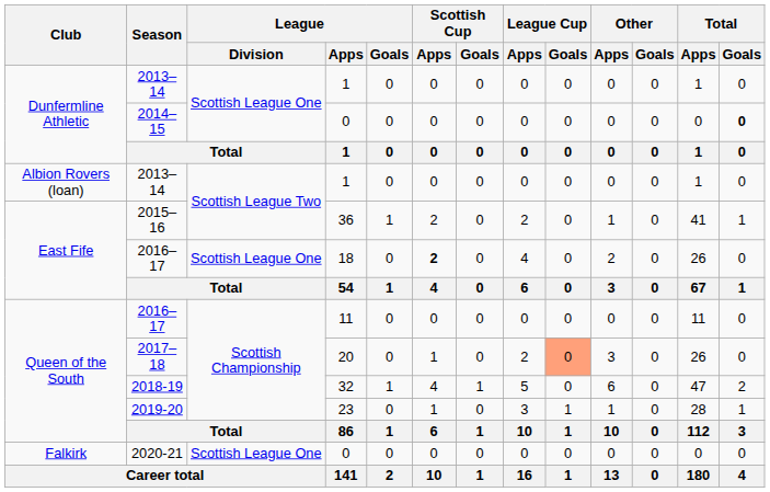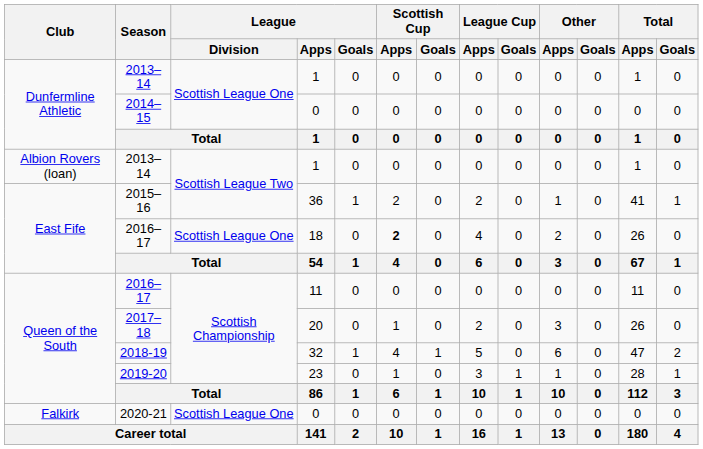 <table class="wikitable" style="text-align: center;">
 <tr>
 <th rowspan="2">Club</th>
 <th rowspan="2">Season</th>
 <th colspan="3">League</th>
 <th colspan="2">Scottish Cup</th>
 <th colspan="2">League Cup</th>
 <th colspan="2">Other</th>
 <th colspan="2">Total</th>
 </tr>
 <tr>
 <th>Division</th>
 <th>Apps</th>
 <th>Goals</th>
 <th>Apps</th>
 <th>Goals</th>
 <th>Apps</th>
 <th>Goals</th>
 <th>Apps</th>
 <th>Goals</th>
 <th>Apps</th>
 <th>Goals</th>
 </tr>
 <tr>
 <td rowspan="3"><a href='#'>Dunfermline Athletic</a></td>
 <td><a href='#'>2013–14</a></td>
 <td rowspan="2"><a href='#'>Scottish League One</a></td>
 <td>1</td>
 <td>0</td>
 <td>0</td>
 <td>0</td>
 <td>0</td>
 <td>0</td>
 <td>0</td>
 <td>0</td>
 <td>1</td>
 <td>0</td>
 </tr>
 <tr>
 <td><a href='#'>2014–15</a></td>
 <td>0</td>
 <td>0</td>
 <td>0</td>
 <td>0</td>
 <td>0</td>
 <td>0</td>
 <td>0</td>
 <td>0</td>
 <td>0</td>
-<td><strong>0</strong></td>
+<td>0</td>
 </tr>
 <tr>
 <th colspan="2">Total</th>
 <th>1</th>
 <th>0</th>
 <th>0</th>
 <th>0</th>
 <th>0</th>
 <th>0</th>
 <th>0</th>
 <th>0</th>
 <th>1</th>
 <th>0</th>
 </tr>
 <tr>
 <td><a href='#'>Albion Rovers</a> (loan)</td>
 <td>2013–14</td>
 <td rowspan="2"><a href='#'>Scottish League Two</a></td>
 <td>1</td>
 <td>0</td>
 <td>0</td>
 <td>0</td>
 <td>0</td>
 <td>0</td>
 <td>0</td>
 <td>0</td>
 <td>1</td>
 <td>0</td>
 </tr>
 <tr>
 <td rowspan="3"><a href='#'>East Fife</a></td>
 <td>2015–16</td>
 <td>36</td>
 <td>1</td>
 <td>2</td>
 <td>0</td>
 <td>2</td>
 <td>0</td>
 <td>1</td>
 <td>0</td>
 <td>41</td>
 <td>1</td>
 </tr>
 <tr>
 <td>2016–17</td>
 <td><a href='#'>Scottish League One</a></td>
 <td>18</td>
 <td>0</td>
 <td><strong>2</strong></td>
 <td>0</td>
 <td>4</td>
 <td>0</td>
 <td>2</td>
 <td>0</td>
 <td>26</td>
 <td>0</td>
 </tr>
 <tr>
 <th colspan="2">Total</th>
 <th>54</th>
 <th>1</th>
 <th>4</th>
 <th>0</th>
 <th>6</th>
 <th>0</th>
 <th>3</th>
 <th>0</th>
 <th>67</th>
 <th>1</th>
 </tr>
 <tr>
 <td rowspan="5"><a href='#'>Queen of the South</a></td>
 <td><a href='#'>2016–17</a></td>
 <td rowspan="4"><a href='#'>Scottish Championship</a></td>
 <td>11</td>
 <td>0</td>
 <td>0</td>
 <td>0</td>
 <td>0</td>
 <td>0</td>
 <td>0</td>
 <td>0</td>
 <td>11</td>
 <td>0</td>
 </tr>
 <tr>
 <td><a href='#'>2017–18</a></td>
 <td>20</td>
 <td>0</td>
 <td>1</td>
 <td>0</td>
 <td>2</td>
-<td style="background: lightsalmon;">0</td>
+<td>0</td>
 <td>3</td>
 <td>0</td>
 <td>26</td>
 <td>0</td>
 </tr>
 <tr>
 <td><a href='#'>2018-19</a></td>
 <td>32</td>
 <td>1</td>
 <td>4</td>
 <td>1</td>
 <td>5</td>
 <td>0</td>
 <td>6</td>
 <td>0</td>
 <td>47</td>
 <td>2</td>
 </tr>
 <tr>
 <td><a href='#'>2019-20</a></td>
 <td>23</td>
 <td>0</td>
 <td>1</td>
 <td>0</td>
 <td>3</td>
 <td>1</td>
 <td>1</td>
 <td>0</td>
 <td>28</td>
 <td>1</td>
 </tr>
 <tr>
 <th colspan="2">Total</th>
 <th>86</th>
 <th>1</th>
 <th>6</th>
 <th>1</th>
 <th>10</th>
 <th>1</th>
 <th>10</th>
 <th>0</th>
 <th>112</th>
 <th>3</th>
 </tr>
 <tr>
 <td><a href='#'>Falkirk</a></td>
 <td>2020-21</td>
 <td><a href='#'>Scottish League One</a></td>
 <td>0</td>
 <td>0</td>
 <td>0</td>
 <td>0</td>
 <td>0</td>
 <td>0</td>
 <td>0</td>
 <td>0</td>
 <td>0</td>
 <td>0</td>
 </tr>
 <tr>
 <th colspan="3">Career total</th>
 <th>141</th>
 <th>2</th>
 <th>10</th>
 <th>1</th>
 <th>16</th>
 <th>1</th>
 <th>13</th>
 <th>0</th>
 <th>180</th>
 <th>4</th>
 </tr>
 </table>
